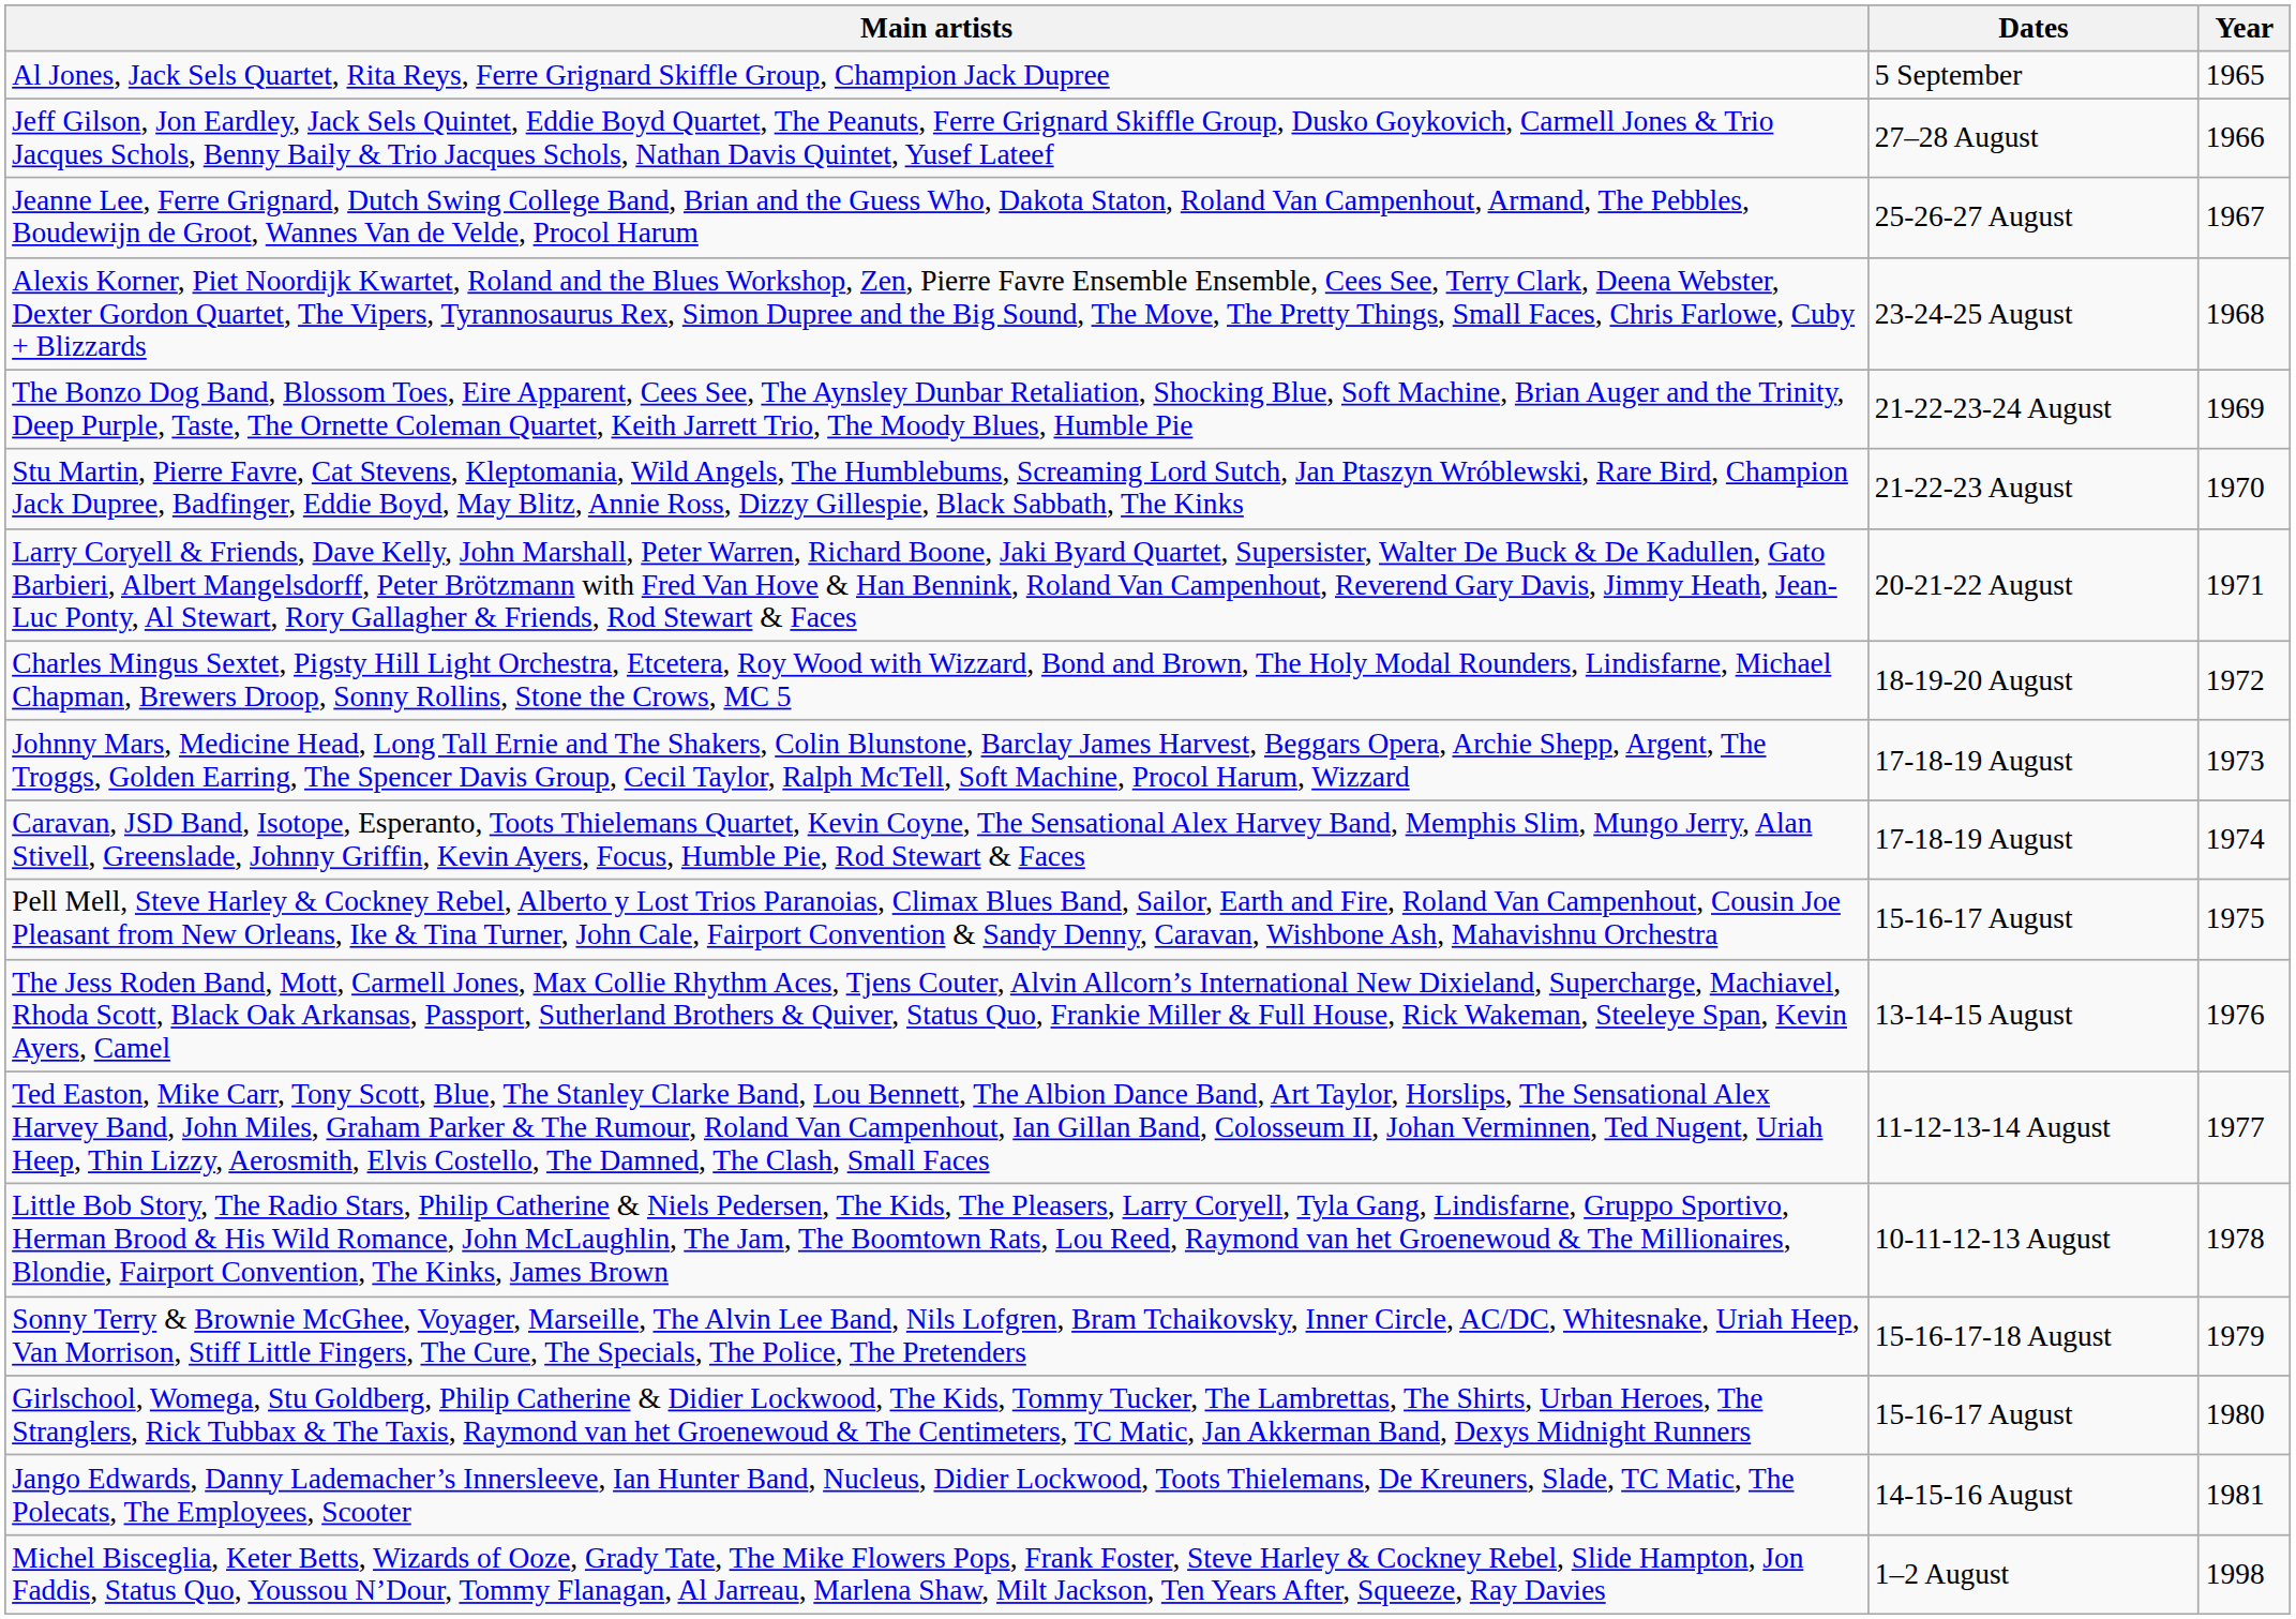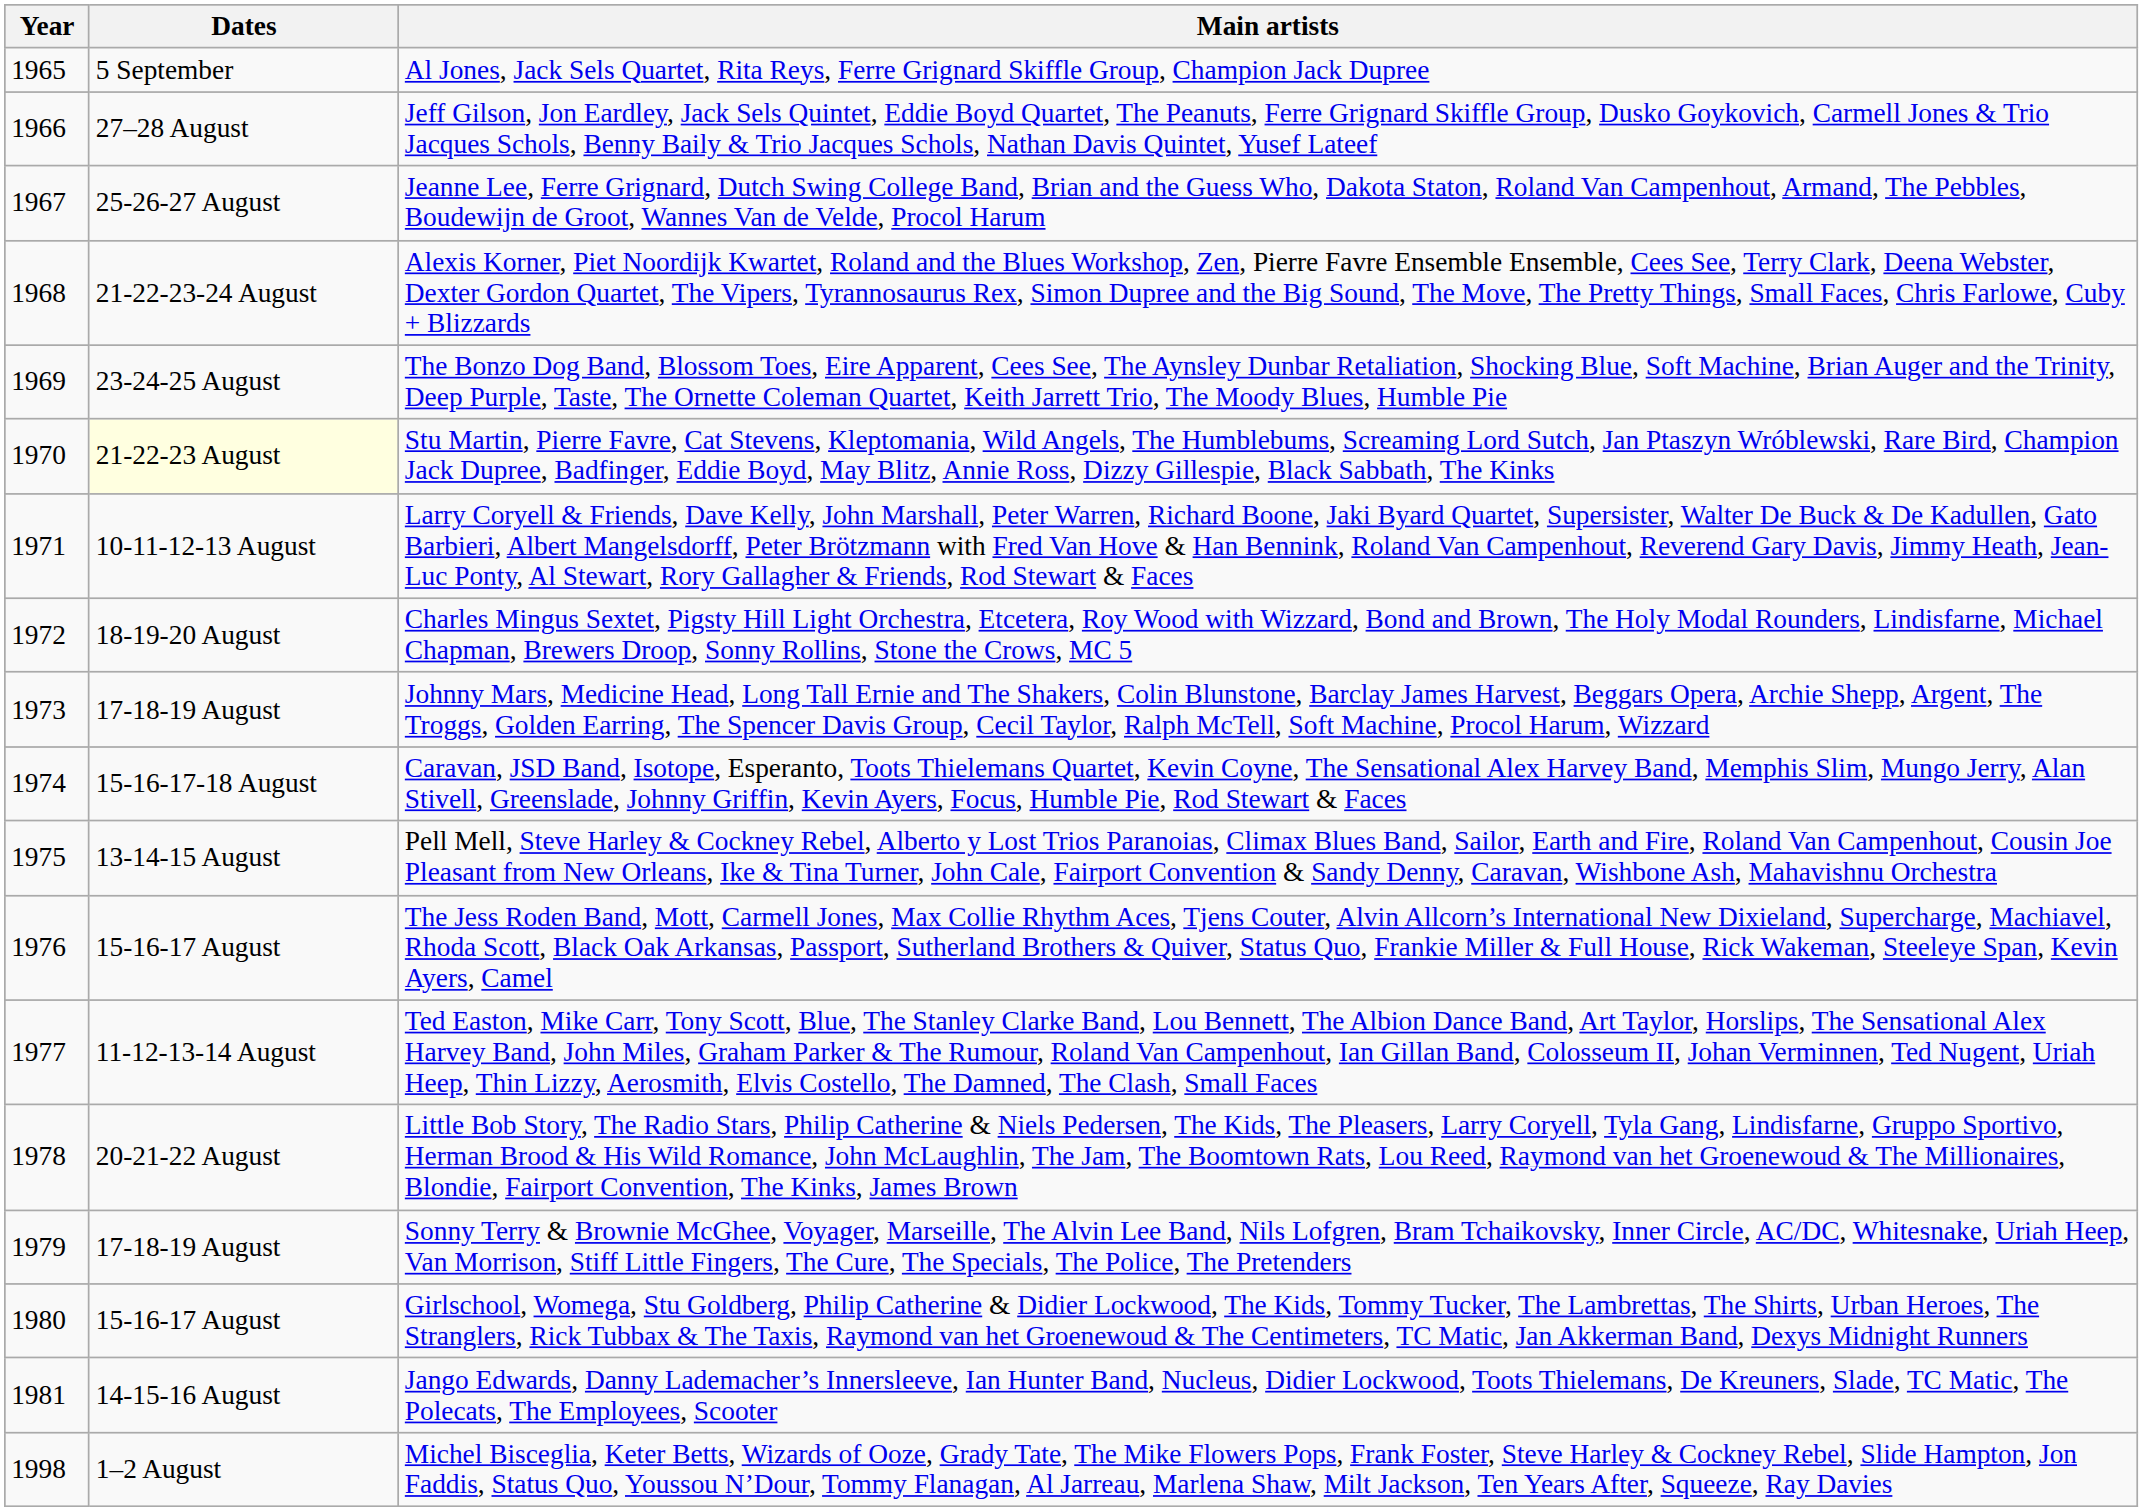 <table class="wikitable sortable">
 <tr>
+<th style="width:1%;">Year</th>
+<th style="width:8%;">Dates</th>
 <th style="width:45%;">Main artists</th>
-<th style="width:8%;">Dates</th>
-<th style="width:1%;">Year</th>
 </tr>
 <tr>
+<td>1965</td>
+<td>5 September</td>
 <td><a href='#'>Al Jones</a>, <a href='#'>Jack Sels Quartet</a>, <a href='#'>Rita Reys</a>, <a href='#'>Ferre Grignard Skiffle Group</a>, <a href='#'>Champion Jack Dupree</a></td>
-<td>5 September</td>
-<td>1965</td>
 </tr>
 <tr>
+<td>1966</td>
+<td>27–28 August</td>
 <td><a href='#'>Jeff Gilson</a>, <a href='#'>Jon Eardley</a>, <a href='#'>Jack Sels Quintet</a>, <a href='#'>Eddie Boyd Quartet</a>, <a href='#'>The Peanuts</a>, <a href='#'>Ferre Grignard Skiffle Group</a>, <a href='#'>Dusko Goykovich</a>, <a href='#'>Carmell Jones & Trio Jacques Schols</a>, <a href='#'>Benny Baily & Trio Jacques Schols</a>, <a href='#'>Nathan Davis Quintet</a>, <a href='#'>Yusef Lateef</a></td>
-<td>27–28 August</td>
-<td>1966</td>
 </tr>
 <tr>
+<td>1967</td>
+<td>25-26-27 August</td>
 <td><a href='#'>Jeanne Lee</a>, <a href='#'>Ferre Grignard</a>, <a href='#'>Dutch Swing College Band</a>, <a href='#'>Brian and the Guess Who</a>, <a href='#'>Dakota Staton</a>, <a href='#'>Roland Van Campenhout</a>, <a href='#'>Armand</a>, <a href='#'>The Pebbles</a>, <a href='#'>Boudewijn de Groot</a>, <a href='#'>Wannes Van de Velde</a>, <a href='#'>Procol Harum</a></td>
-<td>25-26-27 August</td>
-<td>1967</td>
 </tr>
 <tr>
+<td>1968</td>
+<td>21-22-23-24 August</td>
 <td><a href='#'>Alexis Korner</a>, <a href='#'>Piet Noordijk Kwartet</a>, <a href='#'>Roland and the Blues Workshop</a>, <a href='#'>Zen</a>, Pierre Favre Ensemble Ensemble, <a href='#'>Cees See</a>, <a href='#'>Terry Clark</a>, <a href='#'>Deena Webster</a>, <a href='#'>Dexter Gordon Quartet</a>, <a href='#'>The Vipers</a>, <a href='#'>Tyrannosaurus Rex</a>, <a href='#'>Simon Dupree and the Big Sound</a>, <a href='#'>The Move</a>, <a href='#'>The Pretty Things</a>, <a href='#'>Small Faces</a>, <a href='#'>Chris Farlowe</a>, <a href='#'>Cuby + Blizzards</a></td>
-<td>23-24-25 August</td>
-<td>1968</td>
 </tr>
 <tr>
+<td>1969</td>
+<td>23-24-25 August</td>
 <td><a href='#'>The Bonzo Dog Band</a>, <a href='#'>Blossom Toes</a>, <a href='#'>Eire Apparent</a>, <a href='#'>Cees See</a>, <a href='#'>The Aynsley Dunbar Retaliation</a>, <a href='#'>Shocking Blue</a>, <a href='#'>Soft Machine</a>, <a href='#'>Brian Auger and the Trinity</a>, <a href='#'>Deep Purple</a>, <a href='#'>Taste</a>, <a href='#'>The Ornette Coleman Quartet</a>, <a href='#'>Keith Jarrett Trio</a>, <a href='#'>The Moody Blues</a>, <a href='#'>Humble Pie</a></td>
-<td>21-22-23-24 August</td>
-<td>1969</td>
 </tr>
 <tr>
+<td>1970</td>
+<td style="background: lightyellow;">21-22-23 August</td>
 <td><a href='#'>Stu Martin</a>, <a href='#'>Pierre Favre</a>, <a href='#'>Cat Stevens</a>, <a href='#'>Kleptomania</a>, <a href='#'>Wild Angels</a>, <a href='#'>The Humblebums</a>, <a href='#'>Screaming Lord Sutch</a>, <a href='#'>Jan Ptaszyn Wróblewski</a>, <a href='#'>Rare Bird</a>, <a href='#'>Champion Jack Dupree</a>, <a href='#'>Badfinger</a>, <a href='#'>Eddie Boyd</a>, <a href='#'>May Blitz</a>, <a href='#'>Annie Ross</a>, <a href='#'>Dizzy Gillespie</a>, <a href='#'>Black Sabbath</a>, <a href='#'>The Kinks</a></td>
-<td>21-22-23 August</td>
-<td>1970</td>
 </tr>
 <tr>
+<td>1971</td>
+<td>10-11-12-13 August</td>
 <td><a href='#'>Larry Coryell & Friends</a>, <a href='#'>Dave Kelly</a>, <a href='#'>John Marshall</a>, <a href='#'>Peter Warren</a>, <a href='#'>Richard Boone</a>, <a href='#'>Jaki Byard Quartet</a>, <a href='#'>Supersister</a>, <a href='#'>Walter De Buck & De Kadullen</a>, <a href='#'>Gato Barbieri</a>, <a href='#'>Albert Mangelsdorff</a>, <a href='#'>Peter Brötzmann</a> with <a href='#'>Fred Van Hove</a> & <a href='#'>Han Bennink</a>, <a href='#'>Roland Van Campenhout</a>, <a href='#'>Reverend Gary Davis</a>, <a href='#'>Jimmy Heath</a>, <a href='#'>Jean-Luc Ponty</a>, <a href='#'>Al Stewart</a>, <a href='#'>Rory Gallagher & Friends</a>, <a href='#'>Rod Stewart</a> & <a href='#'>Faces</a></td>
-<td>20-21-22 August</td>
-<td>1971</td>
 </tr>
 <tr>
+<td>1972</td>
+<td>18-19-20 August</td>
 <td><a href='#'>Charles Mingus Sextet</a>, <a href='#'>Pigsty Hill Light Orchestra</a>, <a href='#'>Etcetera</a>, <a href='#'>Roy Wood with Wizzard</a>, <a href='#'>Bond and Brown</a>, <a href='#'>The Holy Modal Rounders</a>, <a href='#'>Lindisfarne</a>, <a href='#'>Michael Chapman</a>, <a href='#'>Brewers Droop</a>, <a href='#'>Sonny Rollins</a>, <a href='#'>Stone the Crows</a>, <a href='#'>MC 5</a></td>
-<td>18-19-20 August</td>
-<td>1972</td>
 </tr>
 <tr>
+<td>1973</td>
+<td>17-18-19 August</td>
 <td><a href='#'>Johnny Mars</a>, <a href='#'>Medicine Head</a>, <a href='#'>Long Tall Ernie and The Shakers</a>, <a href='#'>Colin Blunstone</a>, <a href='#'>Barclay James Harvest</a>, <a href='#'>Beggars Opera</a>, <a href='#'>Archie Shepp</a>, <a href='#'>Argent</a>, <a href='#'>The Troggs</a>, <a href='#'>Golden Earring</a>, <a href='#'>The Spencer Davis Group</a>, <a href='#'>Cecil Taylor</a>, <a href='#'>Ralph McTell</a>, <a href='#'>Soft Machine</a>, <a href='#'>Procol Harum</a>, <a href='#'>Wizzard</a></td>
-<td>17-18-19 August</td>
-<td>1973</td>
 </tr>
 <tr>
+<td>1974</td>
+<td>15-16-17-18 August</td>
 <td><a href='#'>Caravan</a>, <a href='#'>JSD Band</a>, <a href='#'>Isotope</a>, Esperanto, <a href='#'>Toots Thielemans Quartet</a>, <a href='#'>Kevin Coyne</a>, <a href='#'>The Sensational Alex Harvey Band</a>, <a href='#'>Memphis Slim</a>, <a href='#'>Mungo Jerry</a>, <a href='#'>Alan Stivell</a>, <a href='#'>Greenslade</a>, <a href='#'>Johnny Griffin</a>, <a href='#'>Kevin Ayers</a>, <a href='#'>Focus</a>, <a href='#'>Humble Pie</a>, <a href='#'>Rod Stewart</a> & <a href='#'>Faces</a></td>
-<td>17-18-19 August</td>
-<td>1974</td>
 </tr>
 <tr>
+<td>1975</td>
+<td>13-14-15 August</td>
 <td>Pell Mell, <a href='#'>Steve Harley & Cockney Rebel</a>, <a href='#'>Alberto y Lost Trios Paranoias</a>, <a href='#'>Climax Blues Band</a>, <a href='#'>Sailor</a>, <a href='#'>Earth and Fire</a>, <a href='#'>Roland Van Campenhout</a>, <a href='#'>Cousin Joe Pleasant from New Orleans</a>, <a href='#'>Ike & Tina Turner</a>, <a href='#'>John Cale</a>, <a href='#'>Fairport Convention</a> & <a href='#'>Sandy Denny</a>, <a href='#'>Caravan</a>, <a href='#'>Wishbone Ash</a>, <a href='#'>Mahavishnu Orchestra</a></td>
-<td>15-16-17 August</td>
-<td>1975</td>
 </tr>
 <tr>
+<td>1976</td>
+<td>15-16-17 August</td>
 <td><a href='#'>The Jess Roden Band</a>, <a href='#'>Mott</a>, <a href='#'>Carmell Jones</a>, <a href='#'>Max Collie Rhythm Aces</a>, <a href='#'>Tjens Couter</a>, <a href='#'>Alvin Allcorn’s International New Dixieland</a>, <a href='#'>Supercharge</a>, <a href='#'>Machiavel</a>, <a href='#'>Rhoda Scott</a>, <a href='#'>Black Oak Arkansas</a>, <a href='#'>Passport</a>, <a href='#'>Sutherland Brothers & Quiver</a>, <a href='#'>Status Quo</a>, <a href='#'>Frankie Miller & Full House</a>, <a href='#'>Rick Wakeman</a>, <a href='#'>Steeleye Span</a>, <a href='#'>Kevin Ayers</a>, <a href='#'>Camel</a></td>
-<td>13-14-15 August</td>
-<td>1976</td>
 </tr>
 <tr>
+<td>1977</td>
+<td>11-12-13-14 August</td>
 <td><a href='#'>Ted Easton</a>, <a href='#'>Mike Carr</a>, <a href='#'>Tony Scott</a>, <a href='#'>Blue</a>, <a href='#'>The Stanley Clarke Band</a>, <a href='#'>Lou Bennett</a>, <a href='#'>The Albion Dance Band</a>, <a href='#'>Art Taylor</a>, <a href='#'>Horslips</a>, <a href='#'>The Sensational Alex Harvey Band</a>, <a href='#'>John Miles</a>, <a href='#'>Graham Parker & The Rumour</a>, <a href='#'>Roland Van Campenhout</a>, <a href='#'>Ian Gillan Band</a>, <a href='#'>Colosseum II</a>, <a href='#'>Johan Verminnen</a>, <a href='#'>Ted Nugent</a>, <a href='#'>Uriah Heep</a>, <a href='#'>Thin Lizzy</a>, <a href='#'>Aerosmith</a>, <a href='#'>Elvis Costello</a>, <a href='#'>The Damned</a>, <a href='#'>The Clash</a>, <a href='#'>Small Faces</a></td>
-<td>11-12-13-14 August</td>
-<td>1977</td>
 </tr>
 <tr>
+<td>1978</td>
+<td>20-21-22 August</td>
 <td><a href='#'>Little Bob Story</a>, <a href='#'>The Radio Stars</a>, <a href='#'>Philip Catherine</a> & <a href='#'>Niels Pedersen</a>, <a href='#'>The Kids</a>, <a href='#'>The Pleasers</a>, <a href='#'>Larry Coryell</a>, <a href='#'>Tyla Gang</a>, <a href='#'>Lindisfarne</a>, <a href='#'>Gruppo Sportivo</a>, <a href='#'>Herman Brood & His Wild Romance</a>, <a href='#'>John McLaughlin</a>, <a href='#'>The Jam</a>, <a href='#'>The Boomtown Rats</a>, <a href='#'>Lou Reed</a>, <a href='#'>Raymond van het Groenewoud & The Millionaires</a>, <a href='#'>Blondie</a>, <a href='#'>Fairport Convention</a>, <a href='#'>The Kinks</a>, <a href='#'>James Brown</a></td>
-<td>10-11-12-13 August</td>
-<td>1978</td>
 </tr>
 <tr>
+<td>1979</td>
+<td>17-18-19 August</td>
 <td><a href='#'>Sonny Terry</a> & <a href='#'>Brownie McGhee</a>, <a href='#'>Voyager</a>, <a href='#'>Marseille</a>, <a href='#'>The Alvin Lee Band</a>, <a href='#'>Nils Lofgren</a>, <a href='#'>Bram Tchaikovsky</a>, <a href='#'>Inner Circle</a>, <a href='#'>AC/DC</a>, <a href='#'>Whitesnake</a>, <a href='#'>Uriah Heep</a>, <a href='#'>Van Morrison</a>, <a href='#'>Stiff Little Fingers</a>, <a href='#'>The Cure</a>, <a href='#'>The Specials</a>, <a href='#'>The Police</a>, <a href='#'>The Pretenders</a></td>
-<td>15-16-17-18 August</td>
-<td>1979</td>
 </tr>
 <tr>
+<td>1980</td>
+<td>15-16-17 August</td>
 <td><a href='#'>Girlschool</a>, <a href='#'>Womega</a>, <a href='#'>Stu Goldberg</a>, <a href='#'>Philip Catherine</a> & <a href='#'>Didier Lockwood</a>, <a href='#'>The Kids</a>, <a href='#'>Tommy Tucker</a>, <a href='#'>The Lambrettas</a>, <a href='#'>The Shirts</a>, <a href='#'>Urban Heroes</a>, <a href='#'>The Stranglers</a>, <a href='#'>Rick Tubbax & The Taxis</a>, <a href='#'>Raymond van het Groenewoud & The Centimeters</a>, <a href='#'>TC Matic</a>, <a href='#'>Jan Akkerman Band</a>, <a href='#'>Dexys Midnight Runners</a></td>
-<td>15-16-17 August</td>
-<td>1980</td>
 </tr>
 <tr>
+<td>1981</td>
+<td>14-15-16 August</td>
 <td><a href='#'>Jango Edwards</a>, <a href='#'>Danny Lademacher’s Innersleeve</a>, <a href='#'>Ian Hunter Band</a>, <a href='#'>Nucleus</a>, <a href='#'>Didier Lockwood</a>, <a href='#'>Toots Thielemans</a>, <a href='#'>De Kreuners</a>, <a href='#'>Slade</a>, <a href='#'>TC Matic</a>, <a href='#'>The Polecats</a>, <a href='#'>The Employees</a>, <a href='#'>Scooter</a></td>
-<td>14-15-16 August</td>
-<td>1981</td>
 </tr>
 <tr>
+<td>1998</td>
+<td>1–2 August</td>
 <td><a href='#'>Michel Bisceglia</a>, <a href='#'>Keter Betts</a>, <a href='#'>Wizards of Ooze</a>, <a href='#'>Grady Tate</a>, <a href='#'>The Mike Flowers Pops</a>, <a href='#'>Frank Foster</a>, <a href='#'>Steve Harley & Cockney Rebel</a>, <a href='#'>Slide Hampton</a>, <a href='#'>Jon Faddis</a>, <a href='#'>Status Quo</a>, <a href='#'>Youssou N’Dour</a>, <a href='#'>Tommy Flanagan</a>, <a href='#'>Al Jarreau</a>, <a href='#'>Marlena Shaw</a>, <a href='#'>Milt Jackson</a>, <a href='#'>Ten Years After</a>, <a href='#'>Squeeze</a>, <a href='#'>Ray Davies</a></td>
-<td>1–2 August</td>
-<td>1998</td>
 </tr>
 </table>
